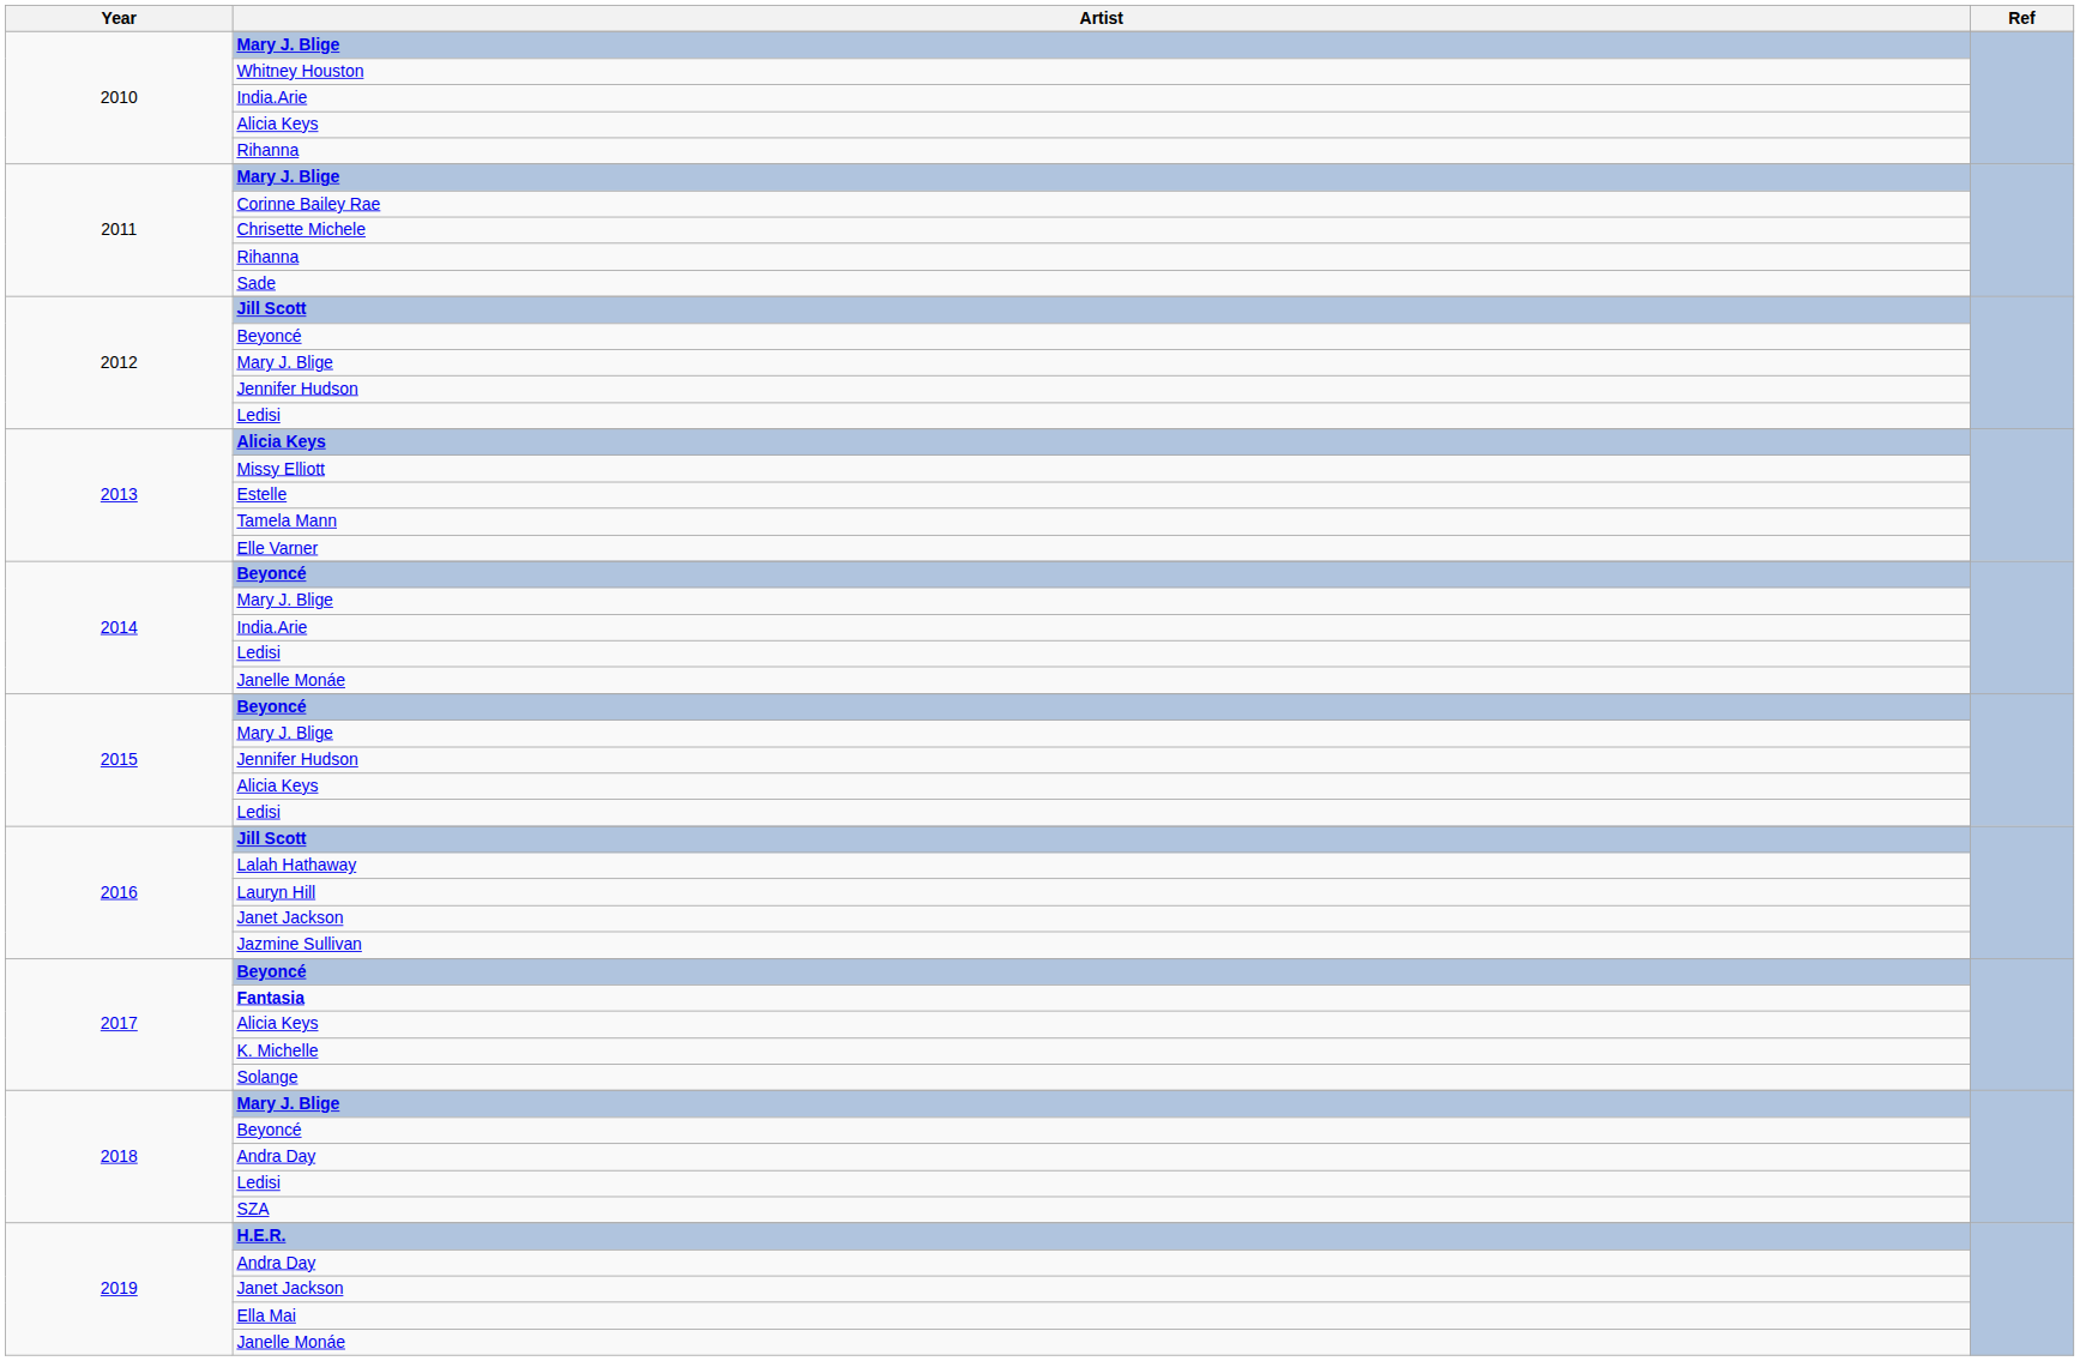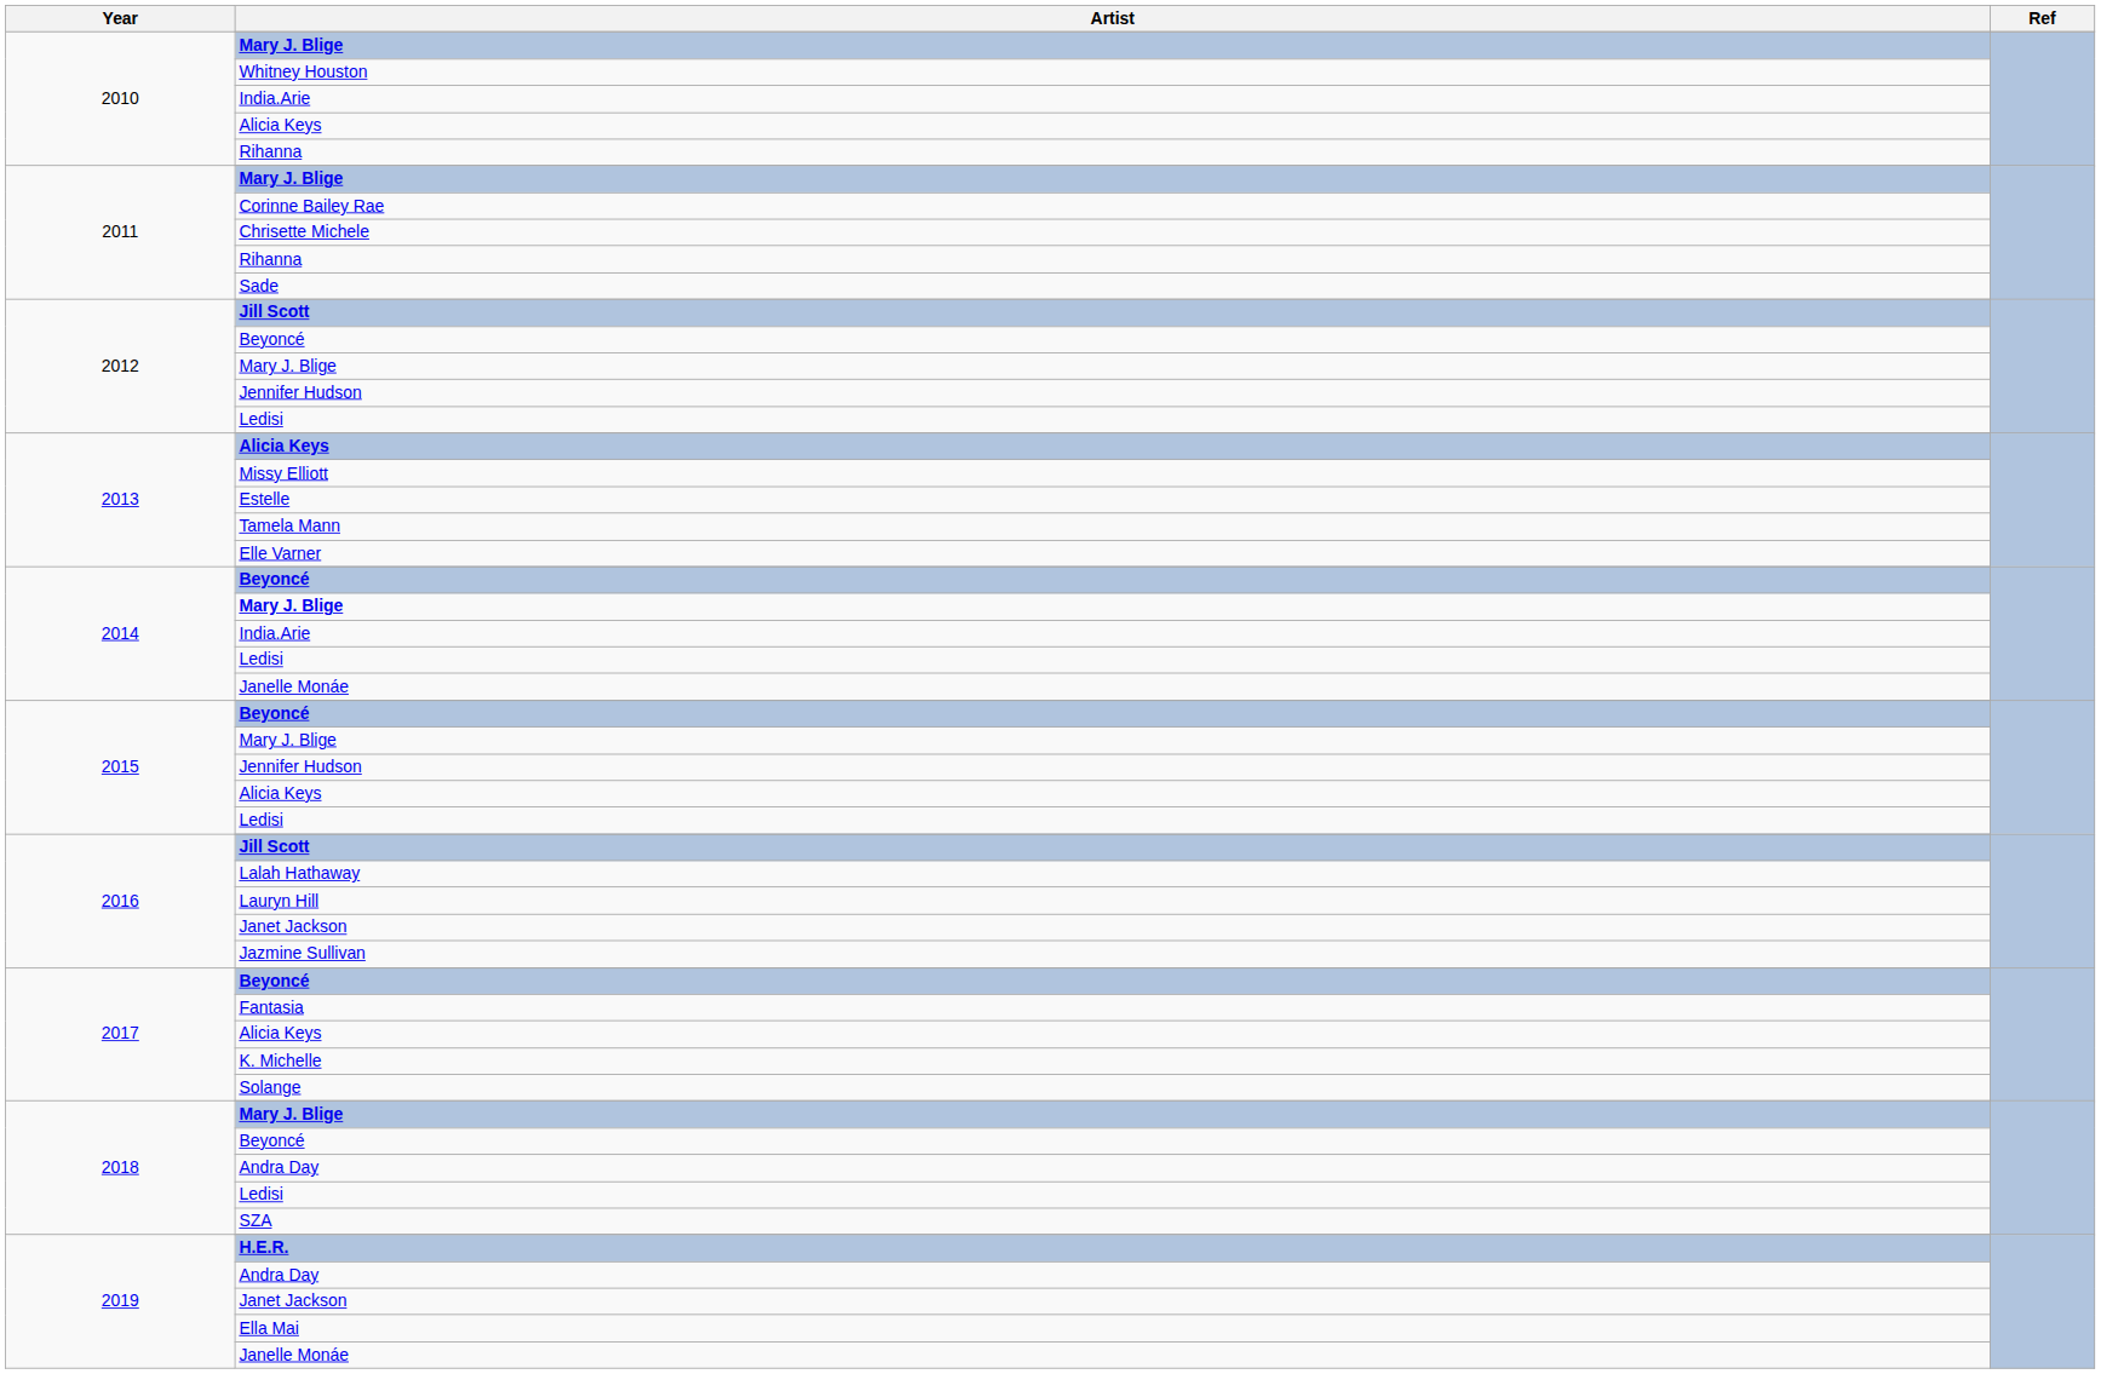 <table class="wikitable" style="width:100%;">
 <tr style="background:#bebebe;">
 <th style="width:11%;">Year</th>
 <th style="width:84%;">Artist</th>
 <th style="width:5%;">Ref</th>
 </tr>
 <tr>
 <td rowspan="6" align="center">2010</td>
 </tr>
 <tr style="background:#B0C4DE">
 <td><strong><a href='#'>Mary J. Blige</a></strong></td>
 <td rowspan="6" align="center"></td>
 </tr>
 <tr>
 <td><a href='#'>Whitney Houston</a></td>
 </tr>
 <tr>
 <td><a href='#'>India.Arie</a></td>
 </tr>
 <tr>
 <td><a href='#'>Alicia Keys</a></td>
 </tr>
 <tr>
 <td><a href='#'>Rihanna</a></td>
 </tr>
 <tr>
 <td rowspan="6" align="center">2011</td>
 </tr>
 <tr style="background:#B0C4DE">
 <td><strong><a href='#'>Mary J. Blige</a></strong></td>
 <td rowspan="6" align="center"></td>
 </tr>
 <tr>
 <td><a href='#'>Corinne Bailey Rae</a></td>
 </tr>
 <tr>
 <td><a href='#'>Chrisette Michele</a></td>
 </tr>
 <tr>
 <td><a href='#'>Rihanna</a></td>
 </tr>
 <tr>
 <td><a href='#'>Sade</a></td>
 </tr>
 <tr>
 <td rowspan="6" align="center">2012</td>
 </tr>
 <tr style="background:#B0C4DE">
 <td><strong><a href='#'>Jill Scott</a></strong></td>
 <td rowspan="6" align="center"></td>
 </tr>
 <tr>
 <td><a href='#'>Beyoncé</a></td>
 </tr>
 <tr>
 <td><a href='#'>Mary J. Blige</a></td>
 </tr>
 <tr>
 <td><a href='#'>Jennifer Hudson</a></td>
 </tr>
 <tr>
 <td><a href='#'>Ledisi</a></td>
 </tr>
 <tr>
 <td rowspan="6" align="center"><a href='#'>2013</a></td>
 </tr>
 <tr style="background:#B0C4DE">
 <td><strong><a href='#'>Alicia Keys</a></strong></td>
 <td rowspan="6" align="center"></td>
 </tr>
 <tr>
 <td><a href='#'>Missy Elliott</a></td>
 </tr>
 <tr>
 <td><a href='#'>Estelle</a></td>
 </tr>
 <tr>
 <td><a href='#'>Tamela Mann</a></td>
 </tr>
 <tr>
 <td><a href='#'>Elle Varner</a></td>
 </tr>
 <tr>
 <td rowspan="6" align="center"><a href='#'>2014</a></td>
 </tr>
 <tr style="background:#B0C4DE">
 <td><strong><a href='#'>Beyoncé</a></strong></td>
 <td rowspan="6" align="center"></td>
 </tr>
 <tr>
-<td><a href='#'>Mary J. Blige</a></td>
+<td><strong><a href='#'>Mary J. Blige</a></strong></td>
 </tr>
 <tr>
 <td><a href='#'>India.Arie</a></td>
 </tr>
 <tr>
 <td><a href='#'>Ledisi</a></td>
 </tr>
 <tr>
 <td><a href='#'>Janelle Monáe</a></td>
 </tr>
 <tr>
 <td rowspan="6" align="center"><a href='#'>2015</a></td>
 </tr>
 <tr style="background:#B0C4DE">
 <td><strong><a href='#'>Beyoncé</a></strong></td>
 <td rowspan="6" align="center"></td>
 </tr>
 <tr>
 <td><a href='#'>Mary J. Blige</a></td>
 </tr>
 <tr>
 <td><a href='#'>Jennifer Hudson</a></td>
 </tr>
 <tr>
 <td><a href='#'>Alicia Keys</a></td>
 </tr>
 <tr>
 <td><a href='#'>Ledisi</a></td>
 </tr>
 <tr>
 <td rowspan="6" align="center"><a href='#'>2016</a></td>
 </tr>
 <tr style="background:#B0C4DE">
 <td><strong><a href='#'>Jill Scott</a></strong></td>
 <td rowspan="6" align="center"></td>
 </tr>
 <tr>
 <td><a href='#'>Lalah Hathaway</a></td>
 </tr>
 <tr>
 <td><a href='#'>Lauryn Hill</a></td>
 </tr>
 <tr>
 <td><a href='#'>Janet Jackson</a></td>
 </tr>
 <tr>
 <td><a href='#'>Jazmine Sullivan</a></td>
 </tr>
 <tr>
 <td rowspan="6" align="center"><a href='#'>2017</a></td>
 </tr>
 <tr style="background:#B0C4DE">
 <td><strong><a href='#'>Beyoncé</a></strong></td>
 <td rowspan="6" align="center"></td>
 </tr>
 <tr>
-<td><strong><a href='#'>Fantasia</a></strong></td>
+<td><a href='#'>Fantasia</a></td>
 </tr>
 <tr>
 <td><a href='#'>Alicia Keys</a></td>
 </tr>
 <tr>
 <td><a href='#'>K. Michelle</a></td>
 </tr>
 <tr>
 <td><a href='#'>Solange</a></td>
 </tr>
 <tr>
 <td rowspan="6" align="center"><a href='#'>2018</a></td>
 </tr>
 <tr style="background:#B0C4DE">
 <td><strong><a href='#'>Mary J. Blige</a></strong></td>
 <td rowspan="6" align="center"></td>
 </tr>
 <tr>
 <td><a href='#'>Beyoncé</a></td>
 </tr>
 <tr>
 <td><a href='#'>Andra Day</a></td>
 </tr>
 <tr>
 <td><a href='#'>Ledisi</a></td>
 </tr>
 <tr>
 <td><a href='#'>SZA</a></td>
 </tr>
 <tr>
 <td rowspan="6" align="center"><a href='#'>2019</a></td>
 </tr>
 <tr style="background:#B0C4DE">
 <td><strong><a href='#'>H.E.R.</a></strong></td>
 <td rowspan="6" align="center"></td>
 </tr>
 <tr>
 <td><a href='#'>Andra Day</a></td>
 </tr>
 <tr>
 <td><a href='#'>Janet Jackson</a></td>
 </tr>
 <tr>
 <td><a href='#'>Ella Mai</a></td>
 </tr>
 <tr>
 <td><a href='#'>Janelle Monáe</a></td>
 </tr>
 </table>
